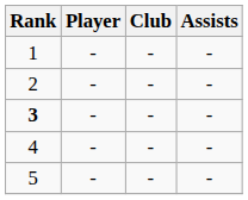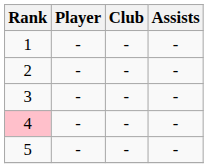 <table class="wikitable" style="text-align: left;">
 <tr>
 <th>Rank</th>
 <th>Player</th>
 <th>Club</th>
 <th>Assists</th>
 </tr>
 <tr>
 <td rowspan=1 align=center>1</td>
 <td align=center>-</td>
 <td align=center>-</td>
 <td rowspan=1 align=center>-</td>
 </tr>
 <tr>
 <td rowspan=1 align=center>2</td>
 <td align=center>-</td>
 <td align=center>-</td>
 <td rowspan=1 align=center>-</td>
 </tr>
 <tr>
-<td rowspan=1 align=center><strong>3</strong></td>
+<td rowspan=1 align=center>3</td>
 <td align=center>-</td>
 <td align=center>-</td>
 <td rowspan=1 align=center>-</td>
 </tr>
 <tr>
-<td rowspan=1 align=center>4</td>
+<td rowspan=1 align=center style="background: pink;">4</td>
 <td align=center>-</td>
 <td align=center>-</td>
 <td rowspan=1 align=center>-</td>
 </tr>
 <tr>
 <td rowspan=1 align=center>5</td>
 <td align=center>-</td>
 <td align=center>-</td>
 <td rowspan=1 align=center>-</td>
 </tr>
 <tr>
 </tr>
 </table>
